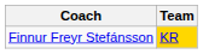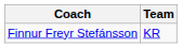 <table class="wikitable">
 <tr>
 <th align="center">Coach</th>
 <th align="center">Team</th>
 </tr>
 <tr>
 <td> <a href='#'>Finnur Freyr Stefánsson</a></td>
-<td style="background: gold;"><a href='#'>KR</a></td>
+<td><a href='#'>KR</a></td>
 </tr>
 </table>
